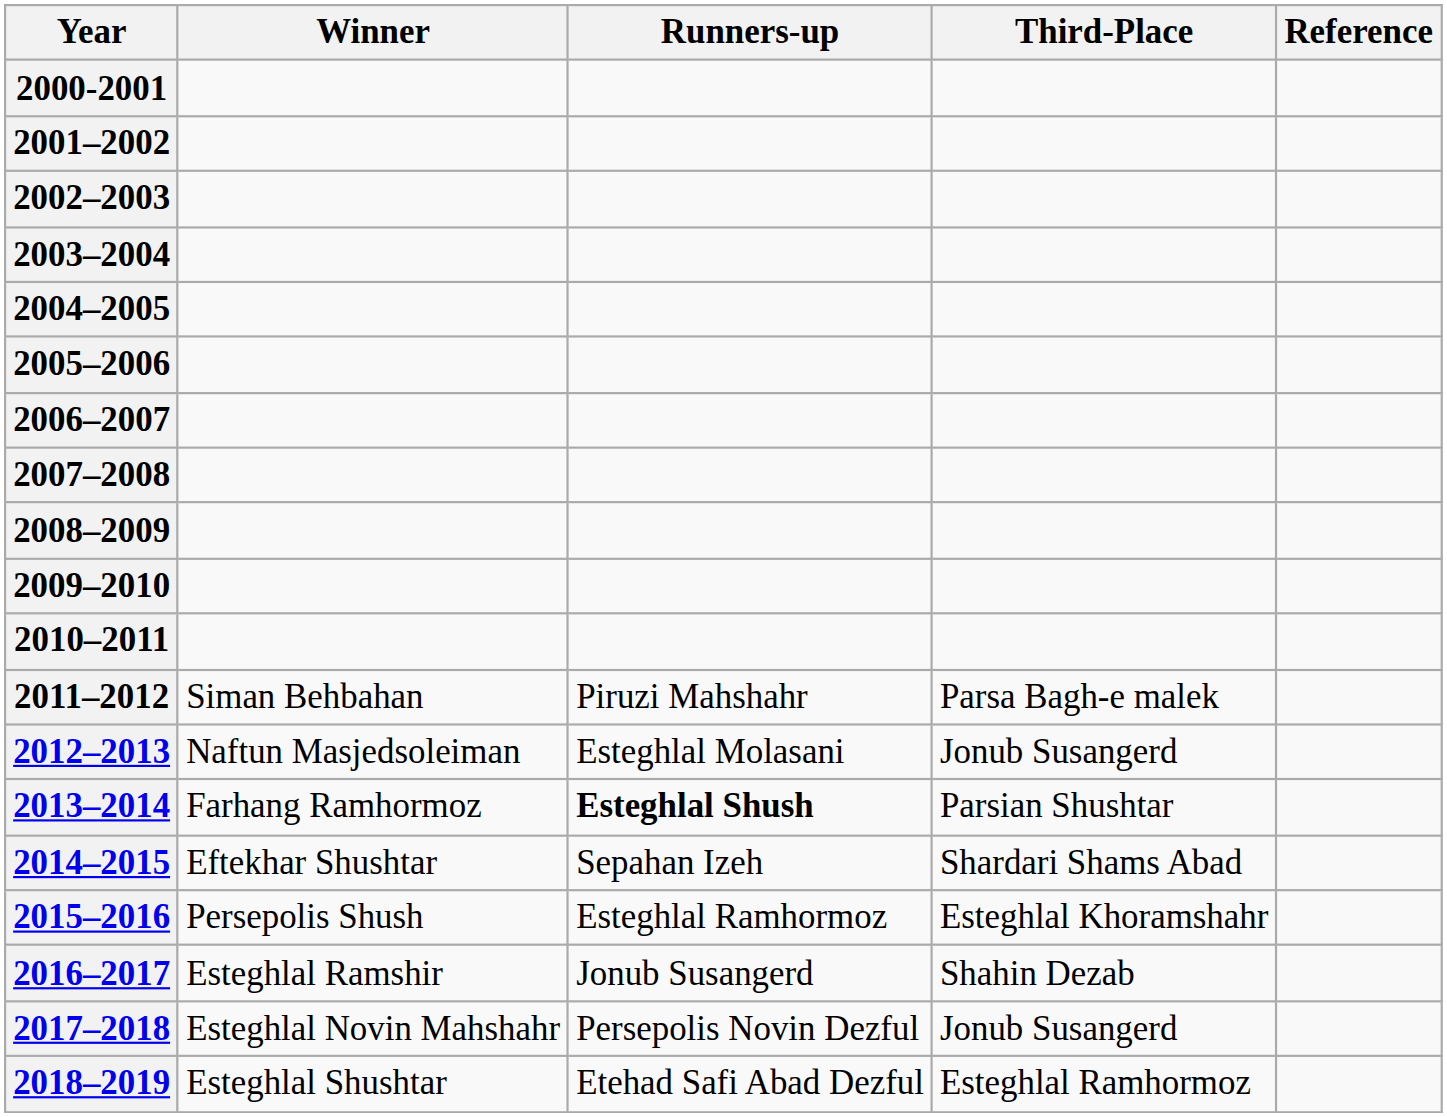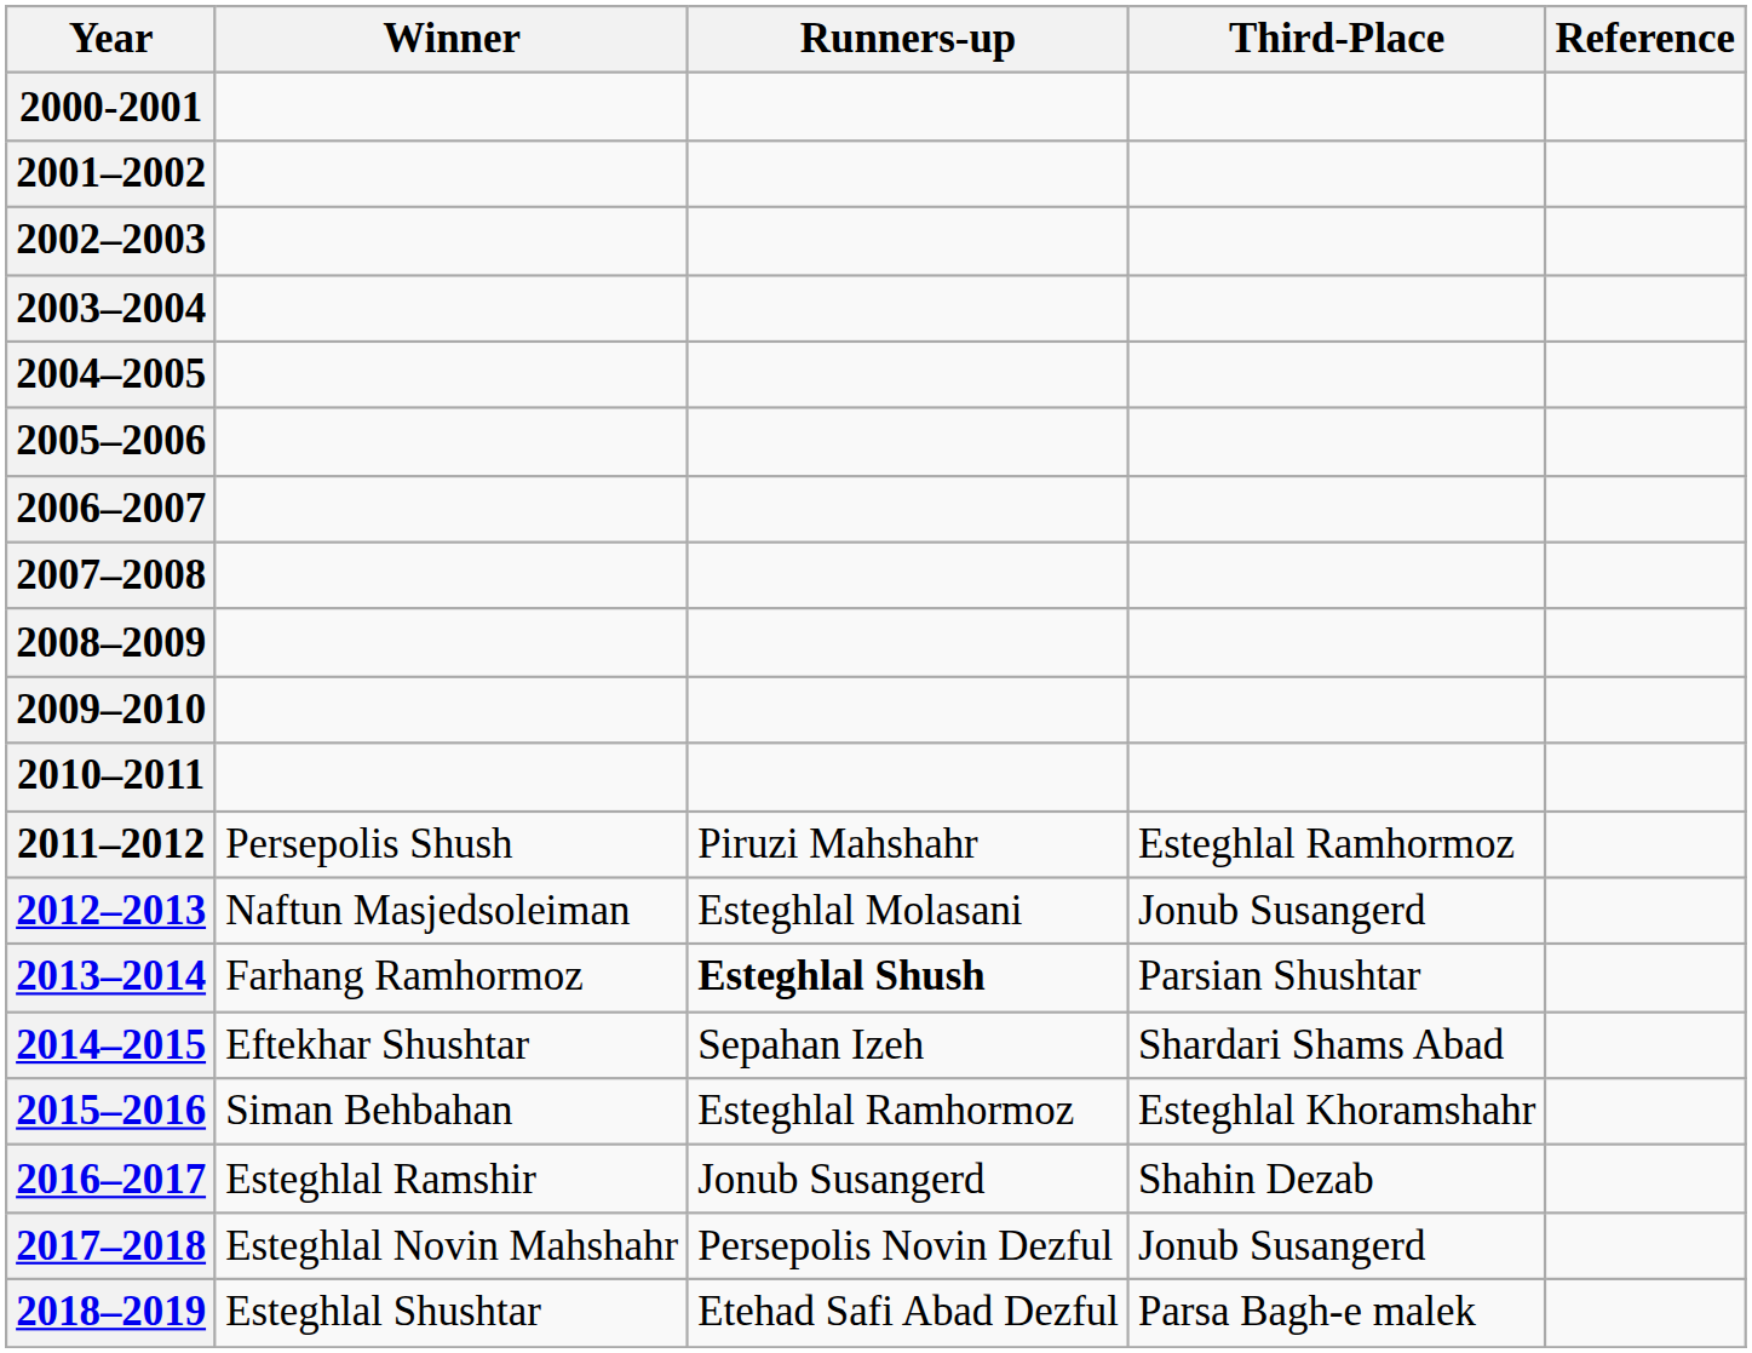 <table class="wikitable">
 <tr>
 <th>Year</th>
 <th>Winner</th>
 <th>Runners-up</th>
 <th>Third-Place</th>
 <th>Reference</th>
 </tr>
 <tr>
 <th>2000-2001</th>
 <td></td>
 <td></td>
 <td></td>
 <td></td>
 </tr>
 <tr>
 <th><strong>2001–2002</strong></th>
 <td></td>
 <td></td>
 <td></td>
 <td></td>
 </tr>
 <tr>
 <th><strong>2002–2003</strong></th>
 <td></td>
 <td></td>
 <td></td>
 <td></td>
 </tr>
 <tr>
 <th><strong>2003–2004</strong></th>
 <td></td>
 <td></td>
 <td></td>
 <td></td>
 </tr>
 <tr>
 <th><strong>2004–2005</strong></th>
 <td></td>
 <td></td>
 <td></td>
 <td></td>
 </tr>
 <tr>
 <th><strong>2005–2006</strong></th>
 <td></td>
 <td></td>
 <td></td>
 <td></td>
 </tr>
 <tr>
 <th><strong>2006–2007</strong></th>
 <td></td>
 <td></td>
 <td></td>
 <td></td>
 </tr>
 <tr>
 <th><strong>2007–2008</strong></th>
 <td></td>
 <td></td>
 <td></td>
 <td></td>
 </tr>
 <tr>
 <th><strong>2008–2009</strong></th>
 <td></td>
 <td></td>
 <td></td>
 <td></td>
 </tr>
 <tr>
 <th><strong>2009–2010</strong></th>
 <td></td>
 <td></td>
 <td></td>
 <td></td>
 </tr>
 <tr>
 <th><strong>2010–2011</strong></th>
 <td></td>
 <td></td>
 <td></td>
 <td></td>
 </tr>
 <tr>
 <th><strong>2011–2012</strong></th>
-<td>Siman Behbahan</td>
+<td>Persepolis Shush</td>
 <td>Piruzi Mahshahr</td>
-<td>Parsa Bagh-e malek</td>
+<td>Esteghlal Ramhormoz</td>
 <td></td>
 </tr>
 <tr>
 <th><strong><a href='#'>2012–2013</a></strong></th>
 <td>Naftun Masjedsoleiman</td>
 <td>Esteghlal Molasani</td>
 <td>Jonub Susangerd</td>
 <td></td>
 </tr>
 <tr>
 <th><strong><a href='#'>2013–2014</a></strong></th>
 <td>Farhang Ramhormoz</td>
 <td><strong>Esteghlal Shush</strong></td>
 <td>Parsian Shushtar</td>
 <td></td>
 </tr>
 <tr>
 <th><strong><a href='#'>2014–2015</a></strong></th>
 <td>Eftekhar Shushtar</td>
 <td>Sepahan Izeh</td>
 <td>Shardari Shams Abad</td>
 <td></td>
 </tr>
 <tr>
 <th><strong><a href='#'>2015–2016</a></strong></th>
-<td>Persepolis Shush</td>
+<td>Siman Behbahan</td>
 <td>Esteghlal Ramhormoz</td>
 <td>Esteghlal Khoramshahr</td>
 <td></td>
 </tr>
 <tr>
 <th><strong><a href='#'>2016–2017</a></strong></th>
 <td>Esteghlal Ramshir</td>
 <td>Jonub Susangerd</td>
 <td>Shahin Dezab</td>
 <td></td>
 </tr>
 <tr>
 <th><strong><a href='#'>2017–2018</a></strong></th>
 <td>Esteghlal Novin Mahshahr</td>
 <td>Persepolis Novin Dezful</td>
 <td>Jonub Susangerd</td>
 <td></td>
 </tr>
 <tr>
 <th><strong><a href='#'>2018–2019</a></strong></th>
 <td>Esteghlal Shushtar</td>
 <td>Etehad Safi Abad Dezful</td>
-<td>Esteghlal Ramhormoz</td>
+<td>Parsa Bagh-e malek</td>
 <td></td>
 </tr>
 <tr>
 </tr>
 </table>
